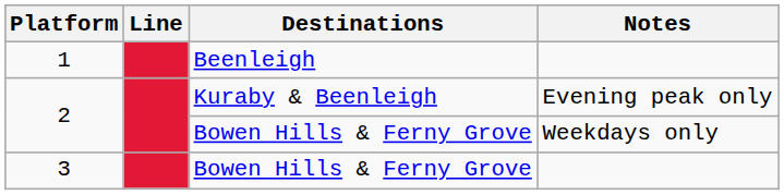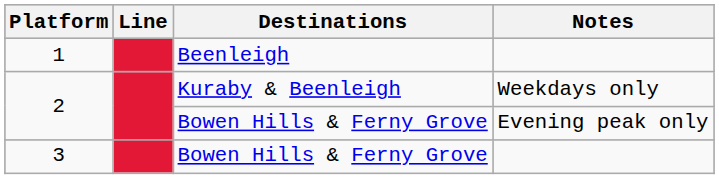 <table class="wikitable" style="float: none; margin: 0.5em; ">
 <tr>
 <th>Platform</th>
 <th>Line</th>
 <th>Destinations</th>
 <th>Notes</th>
 </tr>
 <tr>
 <td rowspan=1 style="text-align:center;">1</td>
 <td style="background:#E31836"><a href='#'></a></td>
 <td><a href='#'>Beenleigh</a></td>
 <td></td>
 </tr>
 <tr>
 <td rowspan=2 style="text-align:center;">2</td>
 <td rowspan=2 style="background:#E31836"><a href='#'></a></td>
 <td><a href='#'>Kuraby</a> & <a href='#'>Beenleigh</a></td>
-<td>Evening peak only</td>
+<td>Weekdays only</td>
 </tr>
 <tr>
 <td><a href='#'>Bowen Hills</a> & <a href='#'>Ferny Grove</a></td>
-<td>Weekdays only</td>
+<td>Evening peak only</td>
 </tr>
 <tr>
 <td rowspan=1 style="text-align:center;">3</td>
 <td style="background:#E31836"><a href='#'></a></td>
 <td><a href='#'>Bowen Hills</a> & <a href='#'>Ferny Grove</a></td>
 <td></td>
 </tr>
 </table>
